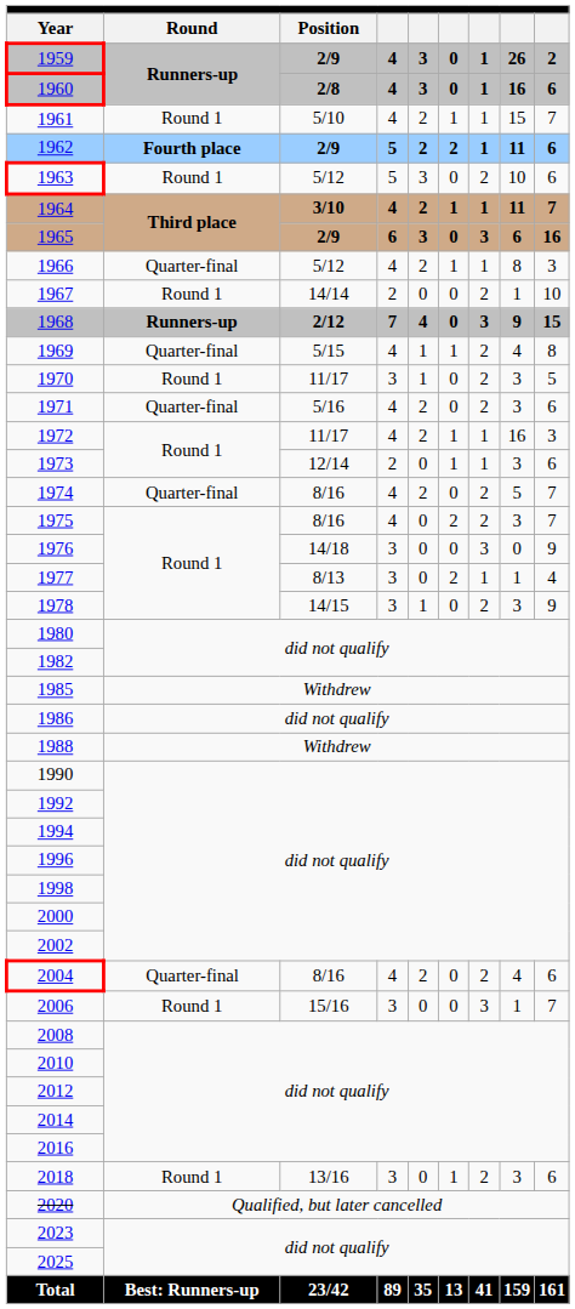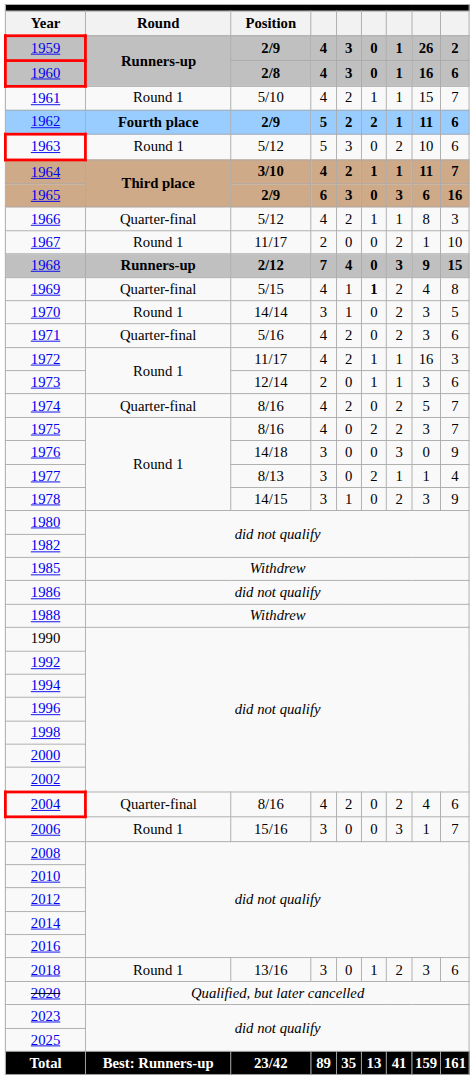 <table class="wikitable" style="text-align: center;">
 <tr>
 <th colspan=9 style="background: #000000; color: #FFFFFF;"><a href='#'></a></th>
 </tr>
 <tr>
 <th width=80>Year</th>
 <th width=150>Round</th>
 <th width=80>Position</th>
 <th width=20></th>
 <th width=20></th>
 <th width=20></th>
 <th width=20></th>
 <th width=20></th>
 <th width=20></th>
 </tr>
 <tr bgcolor=silver>
 <td style="border: 3px solid red"> <a href='#'>1959</a></td>
 <td rowspan=2><strong>Runners-up</strong></td>
 <td><strong>2/9</strong></td>
 <td><strong>4</strong></td>
 <td><strong>3</strong></td>
 <td><strong>0</strong></td>
 <td><strong>1</strong></td>
 <td><strong>26</strong></td>
 <td><strong>2</strong></td>
 </tr>
 <tr bgcolor=silver>
 <td style="border: 3px solid red"> <a href='#'>1960</a></td>
 <td><strong>2/8</strong></td>
 <td><strong>4</strong></td>
 <td><strong>3</strong></td>
 <td><strong>0</strong></td>
 <td><strong>1</strong></td>
 <td><strong>16</strong></td>
 <td><strong>6</strong></td>
 </tr>
 <tr>
 <td> <a href='#'>1961</a></td>
 <td>Round 1</td>
 <td>5/10</td>
 <td>4</td>
 <td>2</td>
 <td>1</td>
 <td>1</td>
 <td>15</td>
 <td>7</td>
 </tr>
 <tr style="background:#9acdff;">
 <td> <a href='#'>1962</a></td>
 <td><strong>Fourth place</strong></td>
 <td><strong>2/9</strong></td>
 <td><strong>5</strong></td>
 <td><strong>2</strong></td>
 <td><strong>2</strong></td>
 <td><strong>1</strong></td>
 <td><strong>11</strong></td>
 <td><strong>6</strong></td>
 </tr>
 <tr>
 <td style="border: 3px solid red"> <a href='#'>1963</a></td>
 <td>Round 1</td>
 <td>5/12</td>
 <td>5</td>
 <td>3</td>
 <td>0</td>
 <td>2</td>
 <td>10</td>
 <td>6</td>
 </tr>
 <tr bgcolor=#CFAA88>
 <td> <a href='#'>1964</a></td>
 <td rowspan=2><strong>Third place</strong></td>
 <td><strong>3/10</strong></td>
 <td><strong>4</strong></td>
 <td><strong>2</strong></td>
 <td><strong>1</strong></td>
 <td><strong>1</strong></td>
 <td><strong>11</strong></td>
 <td><strong>7</strong></td>
 </tr>
 <tr bgcolor=#CFAA88>
 <td> <a href='#'>1965</a></td>
 <td><strong>2/9</strong></td>
 <td><strong>6</strong></td>
 <td><strong>3</strong></td>
 <td><strong>0</strong></td>
 <td><strong>3</strong></td>
 <td><strong>6</strong></td>
 <td><strong>16</strong></td>
 </tr>
 <tr>
 <td> <a href='#'>1966</a></td>
 <td>Quarter-final</td>
 <td>5/12</td>
 <td>4</td>
 <td>2</td>
 <td>1</td>
 <td>1</td>
 <td>8</td>
 <td>3</td>
 </tr>
 <tr>
 <td> <a href='#'>1967</a></td>
 <td>Round 1</td>
-<td>14/14</td>
+<td>11/17</td>
 <td>2</td>
 <td>0</td>
 <td>0</td>
 <td>2</td>
 <td>1</td>
 <td>10</td>
 </tr>
 <tr bgcolor=silver>
 <td> <a href='#'>1968</a></td>
 <td><strong>Runners-up</strong></td>
 <td><strong>2/12</strong></td>
 <td><strong>7</strong></td>
 <td><strong>4</strong></td>
 <td><strong>0</strong></td>
 <td><strong>3</strong></td>
 <td><strong>9</strong></td>
 <td><strong>15</strong></td>
 </tr>
 <tr>
 <td> <a href='#'>1969</a></td>
 <td>Quarter-final</td>
 <td>5/15</td>
 <td>4</td>
 <td>1</td>
-<td>1</td>
+<td><strong>1</strong></td>
 <td>2</td>
 <td>4</td>
 <td>8</td>
 </tr>
 <tr>
 <td> <a href='#'>1970</a></td>
 <td>Round 1</td>
-<td>11/17</td>
+<td>14/14</td>
 <td>3</td>
 <td>1</td>
 <td>0</td>
 <td>2</td>
 <td>3</td>
 <td>5</td>
 </tr>
 <tr>
 <td> <a href='#'>1971</a></td>
 <td>Quarter-final</td>
 <td>5/16</td>
 <td>4</td>
 <td>2</td>
 <td>0</td>
 <td>2</td>
 <td>3</td>
 <td>6</td>
 </tr>
 <tr>
 <td> <a href='#'>1972</a></td>
 <td rowspan=2>Round 1</td>
 <td>11/17</td>
 <td>4</td>
 <td>2</td>
 <td>1</td>
 <td>1</td>
 <td>16</td>
 <td>3</td>
 </tr>
 <tr>
 <td> <a href='#'>1973</a></td>
 <td>12/14</td>
 <td>2</td>
 <td>0</td>
 <td>1</td>
 <td>1</td>
 <td>3</td>
 <td>6</td>
 </tr>
 <tr>
 <td> <a href='#'>1974</a></td>
 <td>Quarter-final</td>
 <td>8/16</td>
 <td>4</td>
 <td>2</td>
 <td>0</td>
 <td>2</td>
 <td>5</td>
 <td>7</td>
 </tr>
 <tr>
 <td> <a href='#'>1975</a></td>
 <td rowspan=4>Round 1</td>
 <td>8/16</td>
 <td>4</td>
 <td>0</td>
 <td>2</td>
 <td>2</td>
 <td>3</td>
 <td>7</td>
 </tr>
 <tr>
 <td> <a href='#'>1976</a></td>
 <td>14/18</td>
 <td>3</td>
 <td>0</td>
 <td>0</td>
 <td>3</td>
 <td>0</td>
 <td>9</td>
 </tr>
 <tr>
 <td> <a href='#'>1977</a></td>
 <td>8/13</td>
 <td>3</td>
 <td>0</td>
 <td>2</td>
 <td>1</td>
 <td>1</td>
 <td>4</td>
 </tr>
 <tr>
 <td> <a href='#'>1978</a></td>
 <td>14/15</td>
 <td>3</td>
 <td>1</td>
 <td>0</td>
 <td>2</td>
 <td>3</td>
 <td>9</td>
 </tr>
 <tr>
 <td> <a href='#'>1980</a></td>
 <td rowspan=2 colspan=8><em>did not qualify</em></td>
 </tr>
 <tr>
 <td> <a href='#'>1982</a></td>
 </tr>
 <tr>
 <td> <a href='#'>1985</a></td>
 <td colspan=8><em>Withdrew</em></td>
 </tr>
 <tr>
 <td> <a href='#'>1986</a></td>
 <td colspan=8><em>did not qualify</em></td>
 </tr>
 <tr>
 <td> <a href='#'>1988</a></td>
 <td colspan=8><em>Withdrew</em></td>
 </tr>
 <tr>
 <td> 1990</td>
 <td rowspan=7 colspan=8><em>did not qualify</em></td>
 </tr>
 <tr>
 <td> <a href='#'>1992</a></td>
 </tr>
 <tr>
 <td> <a href='#'>1994</a></td>
 </tr>
 <tr>
 <td> <a href='#'>1996</a></td>
 </tr>
 <tr>
 <td> <a href='#'>1998</a></td>
 </tr>
 <tr>
 <td> <a href='#'>2000</a></td>
 </tr>
 <tr>
 <td> <a href='#'>2002</a></td>
 </tr>
 <tr>
 <td style="border: 3px solid red"> <a href='#'>2004</a></td>
 <td>Quarter-final</td>
 <td>8/16</td>
 <td>4</td>
 <td>2</td>
 <td>0</td>
 <td>2</td>
 <td>4</td>
 <td>6</td>
 </tr>
 <tr>
 <td> <a href='#'>2006</a></td>
 <td>Round 1</td>
 <td>15/16</td>
 <td>3</td>
 <td>0</td>
 <td>0</td>
 <td>3</td>
 <td>1</td>
 <td>7</td>
 </tr>
 <tr>
 <td> <a href='#'>2008</a></td>
 <td rowspan=5 colspan=8><em>did not qualify</em></td>
 </tr>
 <tr>
 <td> <a href='#'>2010</a></td>
 </tr>
 <tr>
 <td> <a href='#'>2012</a></td>
 </tr>
 <tr>
 <td> <a href='#'>2014</a></td>
 </tr>
 <tr>
 <td> <a href='#'>2016</a></td>
 </tr>
 <tr>
 <td> <a href='#'>2018</a></td>
 <td>Round 1</td>
 <td>13/16</td>
 <td>3</td>
 <td>0</td>
 <td>1</td>
 <td>2</td>
 <td>3</td>
 <td>6</td>
 </tr>
 <tr>
 <td> <s><a href='#'>2020</a></s></td>
 <td colspan=9><em>Qualified, but later cancelled</em></td>
 </tr>
 <tr>
 <td> <a href='#'>2023</a></td>
 <td rowspan=2 colspan=9><em>did not qualify</em></td>
 </tr>
 <tr>
 <td> <a href='#'>2025</a></td>
 </tr>
 <tr>
 <td style="background: #000000; color: #FFFFFF;"><strong>Total</strong></td>
 <td style="background: #000000; color: #FFFFFF;"><strong>Best: Runners-up</strong></td>
 <td style="background: #000000; color: #FFFFFF;"><strong>23/42</strong></td>
 <td style="background: #000000; color: #FFFFFF;"><strong>89</strong></td>
 <td style="background: #000000; color: #FFFFFF;"><strong>35</strong></td>
 <td style="background: #000000; color: #FFFFFF;"><strong>13</strong></td>
 <td style="background: #000000; color: #FFFFFF;"><strong>41</strong></td>
 <td style="background: #000000; color: #FFFFFF;"><strong>159</strong></td>
 <td style="background: #000000; color: #FFFFFF;"><strong>161</strong></td>
 </tr>
 </table>
